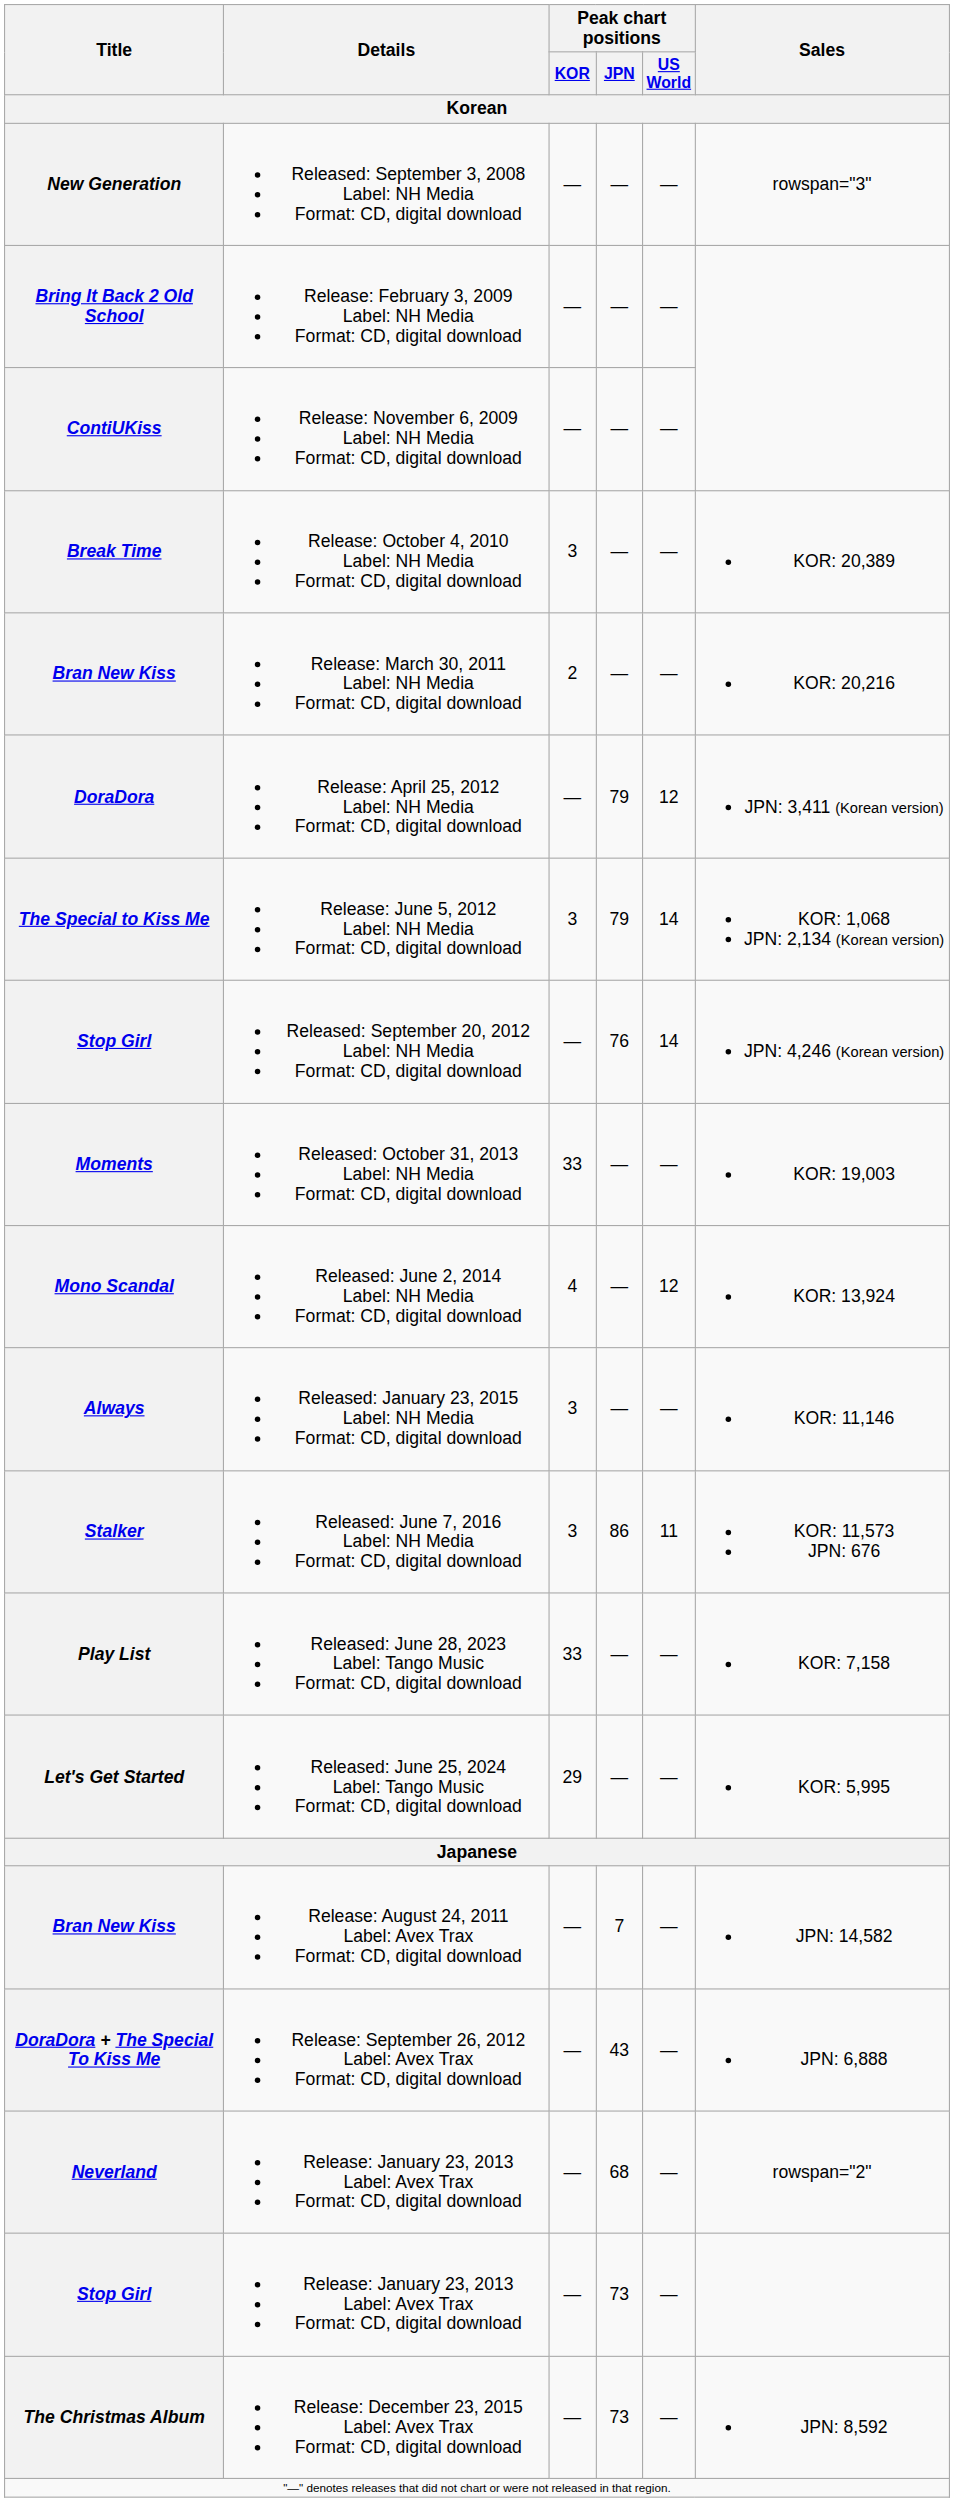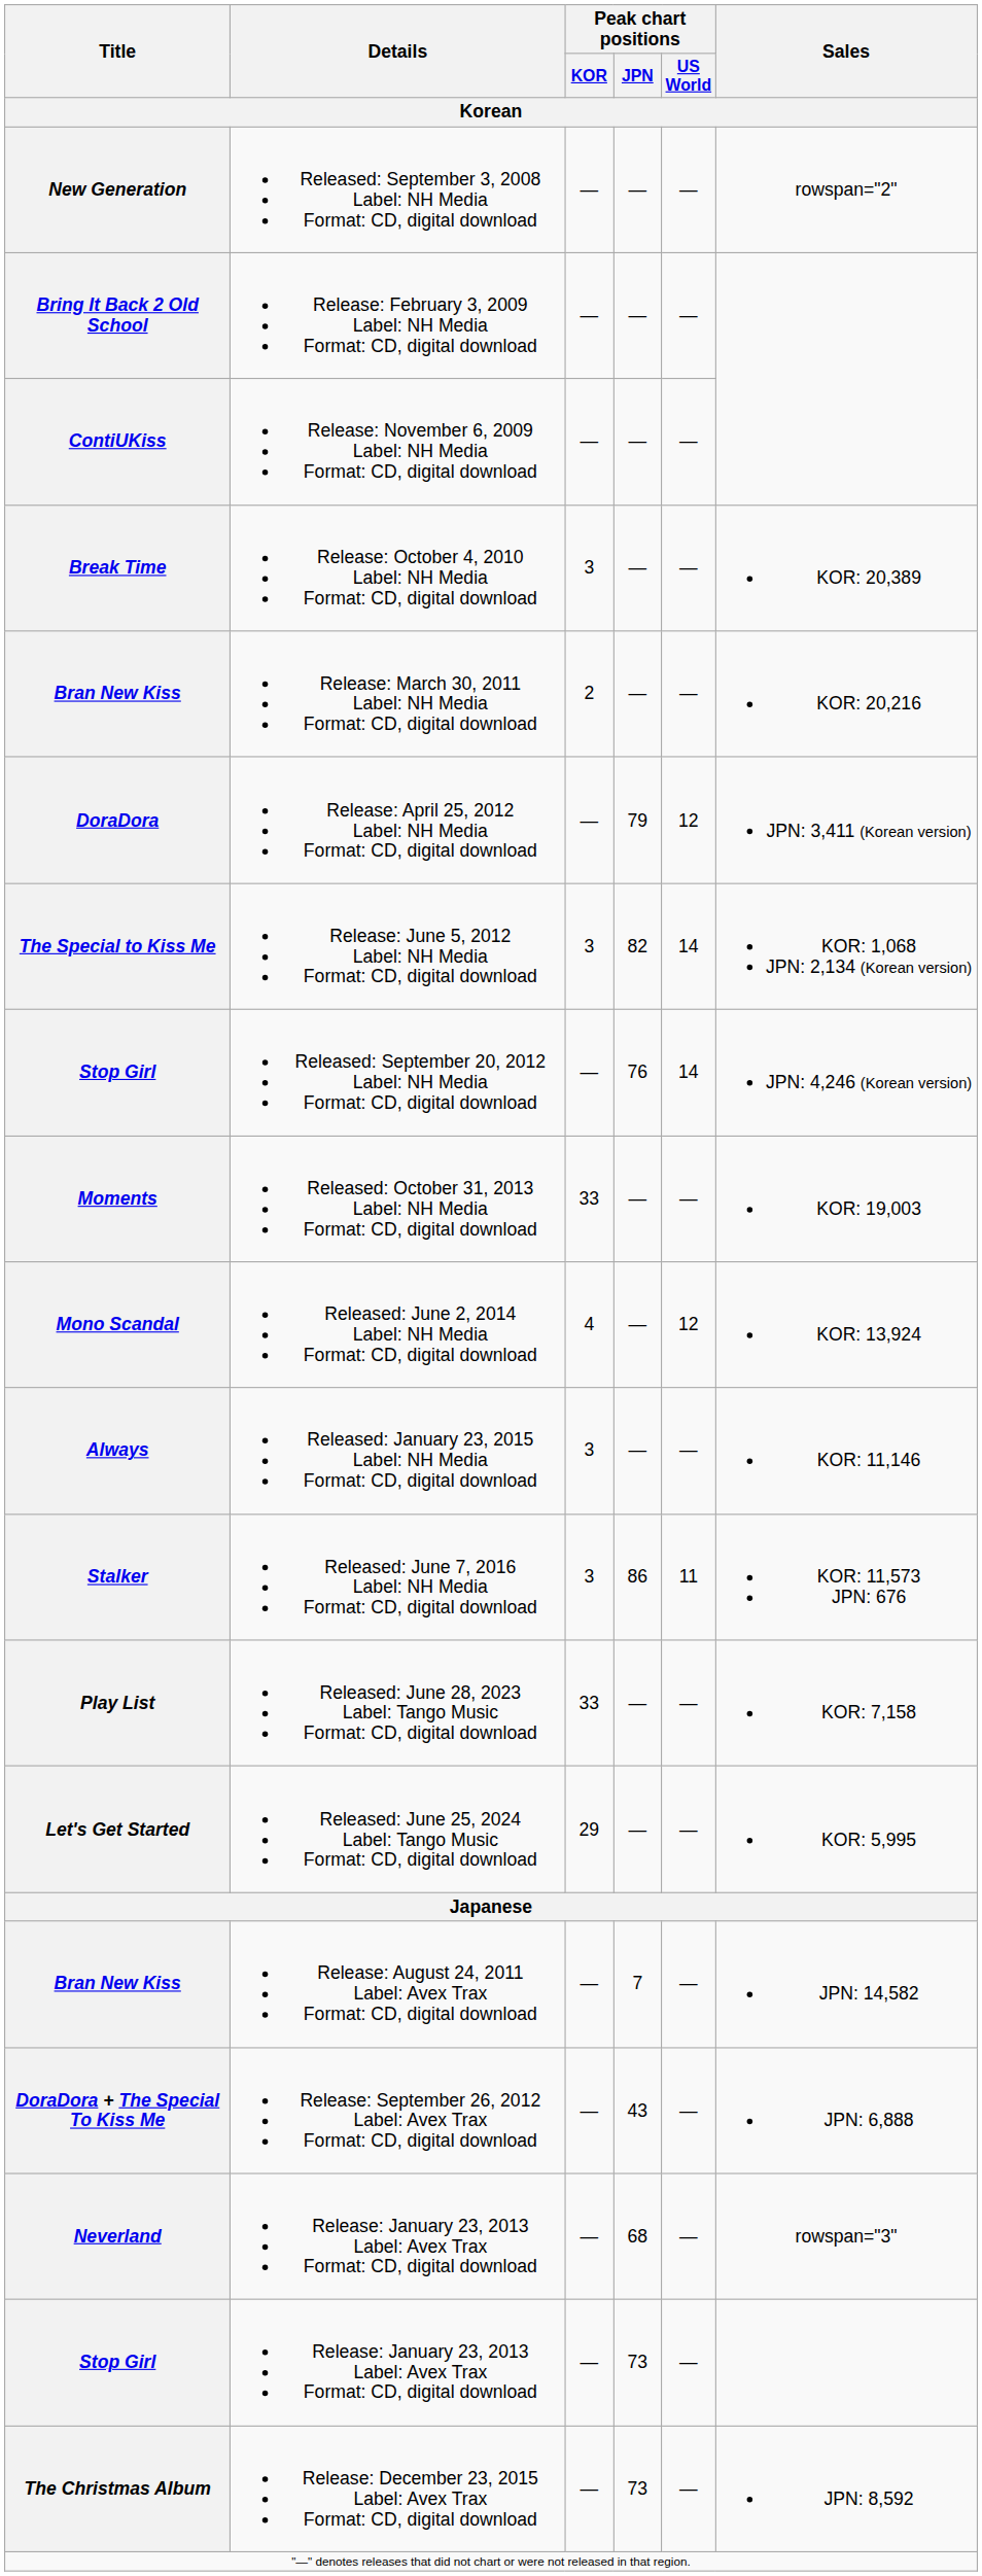 <table class="wikitable plainrowheaders" style="text-align:center;">
 <tr>
 <th scope="col" rowspan="2" style="width:12em;">Title</th>
 <th scope="col" rowspan="2" style="width:18em;">Details</th>
 <th scope="col" colspan="3">Peak chart positions</th>
 <th scope="col" rowspan="2" style="width:14em;">Sales</th>
 </tr>
 <tr>
 <th scope="col" style="width:2.5em;font-size:90%;"><a href='#'>KOR</a><br></th>
 <th scope="col" style="width:2.5em;font-size:90%;"><a href='#'>JPN</a><br></th>
 <th scope="col" style="width:2.5em;font-size:90%;"><a href='#'>US<br>World</a><br></th>
 </tr>
 <tr>
 <th colspan="6">Korean</th>
 </tr>
 <tr>
 <th scope="row"><em>New Generation</em></th>
 <td><br><ul><li>Released: September 3, 2008</li><li>Label: NH Media</li><li>Format: CD, digital download</li></ul></td>
 <td>—</td>
 <td>—</td>
 <td>—</td>
-<td>rowspan="3" </td>
+<td>rowspan="2" </td>
 </tr>
 <tr>
 <th scope="row"><em><a href='#'>Bring It Back 2 Old School</a></em></th>
 <td><br><ul><li>Release: February 3, 2009</li><li>Label: NH Media</li><li>Format: CD, digital download</li></ul></td>
 <td>—</td>
 <td>—</td>
 <td>—</td>
 </tr>
 <tr>
 <th scope="row"><em><a href='#'>ContiUKiss</a></em></th>
 <td><br><ul><li>Release: November 6, 2009</li><li>Label: NH Media</li><li>Format: CD, digital download</li></ul></td>
 <td>—</td>
 <td>—</td>
 <td>—</td>
 </tr>
 <tr>
 <th scope="row"><em><a href='#'>Break Time</a></em></th>
 <td><br><ul><li>Release: October 4, 2010</li><li>Label: NH Media</li><li>Format: CD, digital download</li></ul></td>
 <td>3</td>
 <td>—</td>
 <td>—</td>
 <td><br><ul><li>KOR: 20,389</li></ul></td>
 </tr>
 <tr>
 <th scope="row"><em><a href='#'>Bran New Kiss</a></em></th>
 <td><br><ul><li>Release: March 30, 2011</li><li>Label: NH Media</li><li>Format: CD, digital download</li></ul></td>
 <td>2</td>
 <td>—</td>
 <td>—</td>
 <td><br><ul><li>KOR: 20,216</li></ul></td>
 </tr>
 <tr>
 <th scope="row"><em><a href='#'>DoraDora</a></em></th>
 <td><br><ul><li>Release: April 25, 2012</li><li>Label: NH Media</li><li>Format: CD, digital download</li></ul></td>
 <td>—</td>
 <td>79</td>
 <td>12</td>
 <td><br><ul><li>JPN: 3,411 <small>(Korean version)</small></li></ul></td>
 </tr>
 <tr>
 <th scope="row"><em><a href='#'>The Special to Kiss Me</a></em></th>
 <td><br><ul><li>Release: June 5, 2012</li><li>Label: NH Media</li><li>Format: CD, digital download</li></ul></td>
 <td>3</td>
-<td>79</td>
+<td>82</td>
 <td>14</td>
 <td><br><ul><li>KOR: 1,068</li><li>JPN: 2,134 <small>(Korean version)</small></li></ul></td>
 </tr>
 <tr>
 <th scope="row"><em><a href='#'>Stop Girl</a></em></th>
 <td><br><ul><li>Released: September 20, 2012</li><li>Label: NH Media</li><li>Format: CD, digital download</li></ul></td>
 <td>—</td>
 <td>76</td>
 <td>14</td>
 <td><br><ul><li>JPN: 4,246 <small>(Korean version)</small></li></ul></td>
 </tr>
 <tr>
 <th scope="row"><em><a href='#'>Moments</a></em></th>
 <td><br><ul><li>Released: October 31, 2013</li><li>Label: NH Media</li><li>Format: CD, digital download</li></ul></td>
 <td>33</td>
 <td>—</td>
 <td>—</td>
 <td><br><ul><li>KOR: 19,003</li></ul></td>
 </tr>
 <tr>
 <th scope="row"><em><a href='#'>Mono Scandal</a></em></th>
 <td><br><ul><li>Released: June 2, 2014</li><li>Label: NH Media</li><li>Format: CD, digital download</li></ul></td>
 <td>4</td>
 <td>—</td>
 <td>12</td>
 <td><br><ul><li>KOR: 13,924</li></ul></td>
 </tr>
 <tr>
 <th scope="row"><em><a href='#'>Always</a></em></th>
 <td><br><ul><li>Released: January 23, 2015</li><li>Label: NH Media</li><li>Format: CD, digital download</li></ul></td>
 <td>3</td>
 <td>—</td>
 <td>—</td>
 <td><br><ul><li>KOR: 11,146</li></ul></td>
 </tr>
 <tr>
 <th scope="row"><em><a href='#'>Stalker</a></em></th>
 <td><br><ul><li>Released: June 7, 2016</li><li>Label: NH Media</li><li>Format: CD, digital download</li></ul></td>
 <td>3</td>
 <td>86</td>
 <td>11</td>
 <td><br><ul><li>KOR: 11,573</li><li>JPN: 676</li></ul></td>
 </tr>
 <tr>
 <th scope="row"><em>Play List</em></th>
 <td><br><ul><li>Released: June 28, 2023</li><li>Label: Tango Music</li><li>Format: CD, digital download</li></ul></td>
 <td>33</td>
 <td>—</td>
 <td>—</td>
 <td><br><ul><li>KOR: 7,158</li></ul></td>
 </tr>
 <tr>
 <th scope="row"><em>Let's Get Started</em></th>
 <td><br><ul><li>Released: June 25, 2024</li><li>Label: Tango Music</li><li>Format: CD, digital download</li></ul></td>
 <td>29</td>
 <td>—</td>
 <td>—</td>
 <td><br><ul><li>KOR: 5,995</li></ul></td>
 </tr>
 <tr>
 <th colspan="6">Japanese</th>
 </tr>
 <tr>
 <th scope="row"><em><a href='#'>Bran New Kiss</a></em></th>
 <td><br><ul><li>Release: August 24, 2011</li><li>Label: Avex Trax</li><li>Format: CD, digital download</li></ul></td>
 <td>—</td>
 <td>7</td>
 <td>—</td>
 <td><br><ul><li>JPN: 14,582</li></ul></td>
 </tr>
 <tr>
 <th scope="row"><em><a href='#'>DoraDora</a> + <a href='#'>The Special To Kiss Me</a></em></th>
 <td><br><ul><li>Release: September 26, 2012</li><li>Label: Avex Trax</li><li>Format: CD, digital download</li></ul></td>
 <td>—</td>
 <td>43</td>
 <td>—</td>
 <td><br><ul><li>JPN: 6,888</li></ul></td>
 </tr>
 <tr>
 <th scope="row"><em><a href='#'>Neverland</a></em></th>
 <td><br><ul><li>Release: January 23, 2013</li><li>Label: Avex Trax</li><li>Format: CD, digital download</li></ul></td>
 <td>—</td>
 <td>68</td>
 <td>—</td>
-<td>rowspan="2" </td>
+<td>rowspan="3" </td>
 </tr>
 <tr>
 <th scope="row"><em><a href='#'>Stop Girl</a></em></th>
 <td><br><ul><li>Release: January 23, 2013</li><li>Label: Avex Trax</li><li>Format: CD, digital download</li></ul></td>
 <td>—</td>
 <td>73</td>
 <td>—</td>
 </tr>
 <tr>
 <th scope="row"><em>The Christmas Album</em></th>
 <td><br><ul><li>Release: December 23, 2015</li><li>Label: Avex Trax</li><li>Format: CD, digital download</li></ul></td>
 <td>—</td>
 <td>73</td>
 <td>—</td>
 <td><br><ul><li>JPN: 8,592</li></ul></td>
 </tr>
 <tr>
 <td colspan="6" style="font-size:8pt">"—" denotes releases that did not chart or were not released in that region.</td>
 </tr>
 </table>
